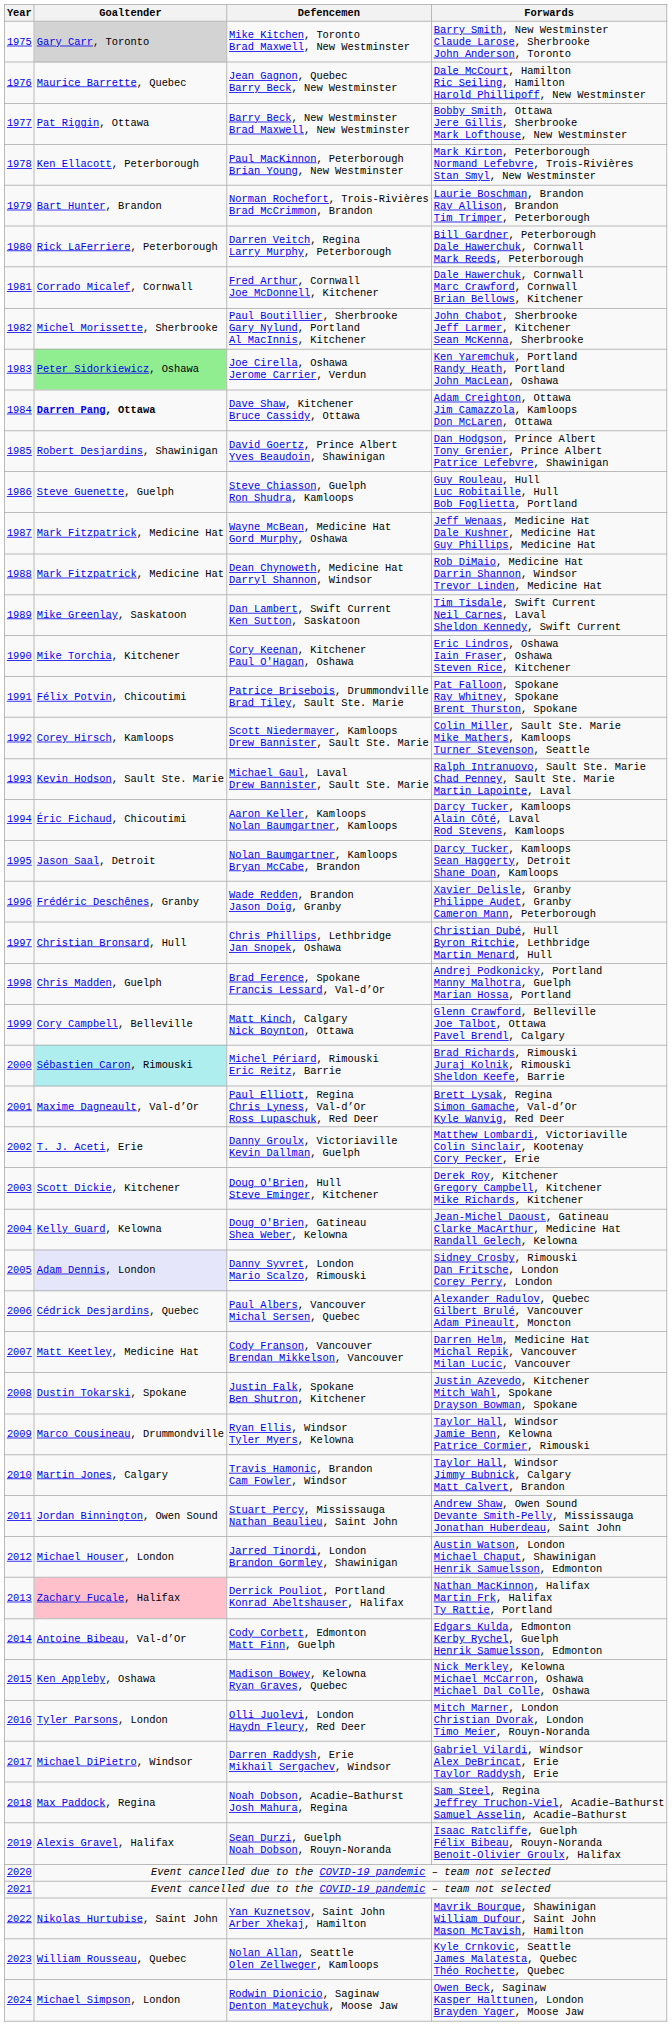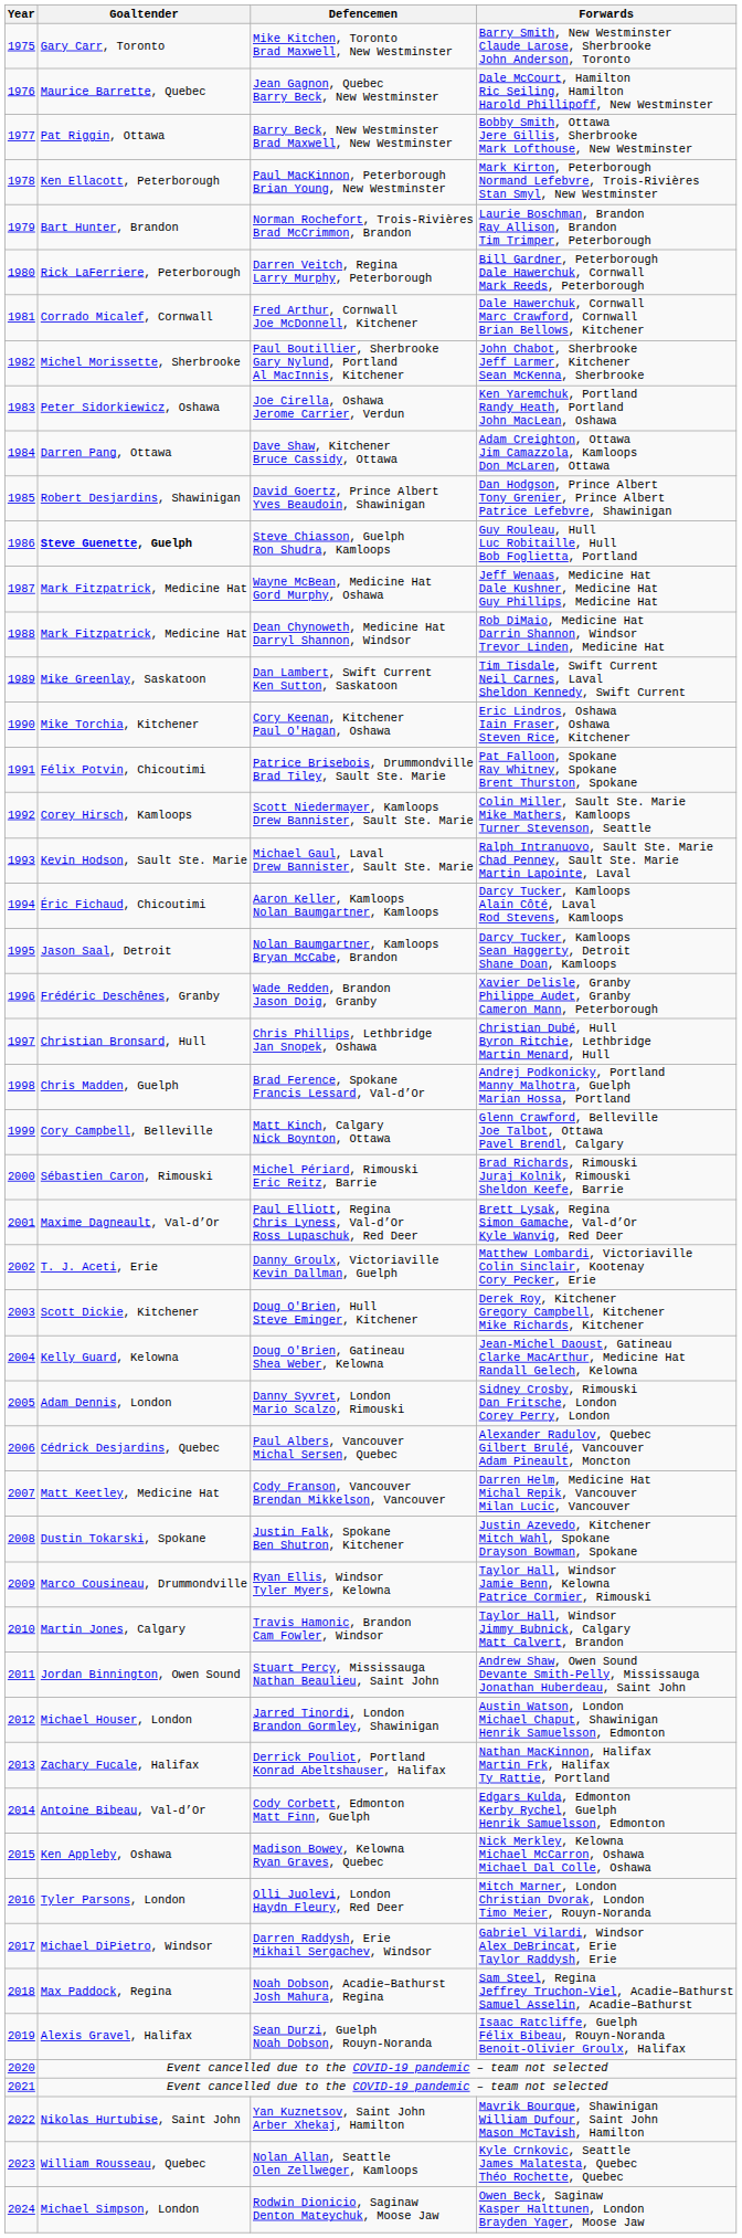 <table class="wikitable">
 <tr>
 <th>Year</th>
 <th>Goaltender</th>
 <th>Defencemen</th>
 <th>Forwards</th>
 </tr>
 <tr>
 <td><a href='#'>1975</a></td>
-<td style="background: lightgrey;"><a href='#'>Gary Carr</a>, Toronto</td>
+<td><a href='#'>Gary Carr</a>, Toronto</td>
 <td><a href='#'>Mike Kitchen</a>, Toronto<br><a href='#'>Brad Maxwell</a>, New Westminster</td>
 <td><a href='#'>Barry Smith</a>, New Westminster<br><a href='#'>Claude Larose</a>, Sherbrooke<br><a href='#'>John Anderson</a>, Toronto</td>
 </tr>
 <tr>
 <td><a href='#'>1976</a></td>
 <td><a href='#'>Maurice Barrette</a>, Quebec</td>
 <td><a href='#'>Jean Gagnon</a>, Quebec<br><a href='#'>Barry Beck</a>, New Westminster</td>
 <td><a href='#'>Dale McCourt</a>, Hamilton<br><a href='#'>Ric Seiling</a>, Hamilton<br><a href='#'>Harold Phillipoff</a>, New Westminster</td>
 </tr>
 <tr>
 <td><a href='#'>1977</a></td>
 <td><a href='#'>Pat Riggin</a>, Ottawa</td>
 <td><a href='#'>Barry Beck</a>, New Westminster<br><a href='#'>Brad Maxwell</a>, New Westminster</td>
 <td><a href='#'>Bobby Smith</a>, Ottawa<br><a href='#'>Jere Gillis</a>, Sherbrooke<br><a href='#'>Mark Lofthouse</a>, New Westminster</td>
 </tr>
 <tr>
 <td><a href='#'>1978</a></td>
 <td><a href='#'>Ken Ellacott</a>, Peterborough</td>
 <td><a href='#'>Paul MacKinnon</a>, Peterborough<br><a href='#'>Brian Young</a>, New Westminster</td>
 <td><a href='#'>Mark Kirton</a>, Peterborough<br><a href='#'>Normand Lefebvre</a>, Trois-Rivières<br><a href='#'>Stan Smyl</a>, New Westminster</td>
 </tr>
 <tr>
 <td><a href='#'>1979</a></td>
 <td><a href='#'>Bart Hunter</a>, Brandon</td>
 <td><a href='#'>Norman Rochefort</a>, Trois-Rivières<br><a href='#'>Brad McCrimmon</a>, Brandon</td>
 <td><a href='#'>Laurie Boschman</a>, Brandon<br><a href='#'>Ray Allison</a>, Brandon<br><a href='#'>Tim Trimper</a>, Peterborough</td>
 </tr>
 <tr>
 <td><a href='#'>1980</a></td>
 <td><a href='#'>Rick LaFerriere</a>, Peterborough</td>
 <td><a href='#'>Darren Veitch</a>, Regina<br><a href='#'>Larry Murphy</a>, Peterborough</td>
 <td><a href='#'>Bill Gardner</a>, Peterborough<br><a href='#'>Dale Hawerchuk</a>, Cornwall<br><a href='#'>Mark Reeds</a>, Peterborough</td>
 </tr>
 <tr>
 <td><a href='#'>1981</a></td>
 <td><a href='#'>Corrado Micalef</a>, Cornwall</td>
 <td><a href='#'>Fred Arthur</a>, Cornwall<br><a href='#'>Joe McDonnell</a>, Kitchener</td>
 <td><a href='#'>Dale Hawerchuk</a>, Cornwall<br><a href='#'>Marc Crawford</a>, Cornwall<br><a href='#'>Brian Bellows</a>, Kitchener</td>
 </tr>
 <tr>
 <td><a href='#'>1982</a></td>
 <td><a href='#'>Michel Morissette</a>, Sherbrooke</td>
 <td><a href='#'>Paul Boutillier</a>, Sherbrooke<br><a href='#'>Gary Nylund</a>, Portland<br><a href='#'>Al MacInnis</a>, Kitchener</td>
 <td><a href='#'>John Chabot</a>, Sherbrooke<br><a href='#'>Jeff Larmer</a>, Kitchener<br><a href='#'>Sean McKenna</a>, Sherbrooke</td>
 </tr>
 <tr>
 <td><a href='#'>1983</a></td>
-<td style="background: lightgreen;"><a href='#'>Peter Sidorkiewicz</a>, Oshawa</td>
+<td><a href='#'>Peter Sidorkiewicz</a>, Oshawa</td>
 <td><a href='#'>Joe Cirella</a>, Oshawa<br><a href='#'>Jerome Carrier</a>, Verdun</td>
 <td><a href='#'>Ken Yaremchuk</a>, Portland<br><a href='#'>Randy Heath</a>, Portland<br><a href='#'>John MacLean</a>, Oshawa</td>
 </tr>
 <tr>
 <td><a href='#'>1984</a></td>
-<td><strong><a href='#'>Darren Pang</a>, Ottawa</strong></td>
+<td><a href='#'>Darren Pang</a>, Ottawa</td>
 <td><a href='#'>Dave Shaw</a>, Kitchener<br><a href='#'>Bruce Cassidy</a>, Ottawa</td>
 <td><a href='#'>Adam Creighton</a>, Ottawa<br><a href='#'>Jim Camazzola</a>, Kamloops<br><a href='#'>Don McLaren</a>, Ottawa</td>
 </tr>
 <tr>
 <td><a href='#'>1985</a></td>
 <td><a href='#'>Robert Desjardins</a>, Shawinigan</td>
 <td><a href='#'>David Goertz</a>, Prince Albert<br><a href='#'>Yves Beaudoin</a>, Shawinigan</td>
 <td><a href='#'>Dan Hodgson</a>, Prince Albert<br><a href='#'>Tony Grenier</a>, Prince Albert<br><a href='#'>Patrice Lefebvre</a>, Shawinigan</td>
 </tr>
 <tr>
 <td><a href='#'>1986</a></td>
-<td><a href='#'>Steve Guenette</a>, Guelph</td>
+<td><strong><a href='#'>Steve Guenette</a>, Guelph</strong></td>
 <td><a href='#'>Steve Chiasson</a>, Guelph<br><a href='#'>Ron Shudra</a>, Kamloops</td>
 <td><a href='#'>Guy Rouleau</a>, Hull<br><a href='#'>Luc Robitaille</a>, Hull<br><a href='#'>Bob Foglietta</a>, Portland</td>
 </tr>
 <tr>
 <td><a href='#'>1987</a></td>
 <td><a href='#'>Mark Fitzpatrick</a>, Medicine Hat</td>
 <td><a href='#'>Wayne McBean</a>, Medicine Hat<br><a href='#'>Gord Murphy</a>, Oshawa</td>
 <td><a href='#'>Jeff Wenaas</a>, Medicine Hat<br><a href='#'>Dale Kushner</a>, Medicine Hat<br><a href='#'>Guy Phillips</a>, Medicine Hat</td>
 </tr>
 <tr>
 <td><a href='#'>1988</a></td>
 <td><a href='#'>Mark Fitzpatrick</a>, Medicine Hat</td>
 <td><a href='#'>Dean Chynoweth</a>, Medicine Hat<br><a href='#'>Darryl Shannon</a>, Windsor</td>
 <td><a href='#'>Rob DiMaio</a>, Medicine Hat<br><a href='#'>Darrin Shannon</a>, Windsor<br><a href='#'>Trevor Linden</a>, Medicine Hat</td>
 </tr>
 <tr>
 <td><a href='#'>1989</a></td>
 <td><a href='#'>Mike Greenlay</a>, Saskatoon</td>
 <td><a href='#'>Dan Lambert</a>, Swift Current<br><a href='#'>Ken Sutton</a>, Saskatoon</td>
 <td><a href='#'>Tim Tisdale</a>, Swift Current<br><a href='#'>Neil Carnes</a>, Laval<br><a href='#'>Sheldon Kennedy</a>, Swift Current</td>
 </tr>
 <tr>
 <td><a href='#'>1990</a></td>
 <td><a href='#'>Mike Torchia</a>, Kitchener</td>
 <td><a href='#'>Cory Keenan</a>, Kitchener<br><a href='#'>Paul O'Hagan</a>, Oshawa</td>
 <td><a href='#'>Eric Lindros</a>, Oshawa<br><a href='#'>Iain Fraser</a>, Oshawa<br><a href='#'>Steven Rice</a>, Kitchener</td>
 </tr>
 <tr>
 <td><a href='#'>1991</a></td>
 <td><a href='#'>Félix Potvin</a>, Chicoutimi</td>
 <td><a href='#'>Patrice Brisebois</a>, Drummondville<br><a href='#'>Brad Tiley</a>, Sault Ste. Marie</td>
 <td><a href='#'>Pat Falloon</a>, Spokane<br><a href='#'>Ray Whitney</a>, Spokane<br><a href='#'>Brent Thurston</a>, Spokane</td>
 </tr>
 <tr>
 <td><a href='#'>1992</a></td>
 <td><a href='#'>Corey Hirsch</a>, Kamloops</td>
 <td><a href='#'>Scott Niedermayer</a>, Kamloops<br><a href='#'>Drew Bannister</a>, Sault Ste. Marie</td>
 <td><a href='#'>Colin Miller</a>, Sault Ste. Marie<br><a href='#'>Mike Mathers</a>, Kamloops<br><a href='#'>Turner Stevenson</a>, Seattle</td>
 </tr>
 <tr>
 <td><a href='#'>1993</a></td>
 <td><a href='#'>Kevin Hodson</a>, Sault Ste. Marie</td>
 <td><a href='#'>Michael Gaul</a>, Laval<br><a href='#'>Drew Bannister</a>, Sault Ste. Marie</td>
 <td><a href='#'>Ralph Intranuovo</a>, Sault Ste. Marie<br><a href='#'>Chad Penney</a>, Sault Ste. Marie<br><a href='#'>Martin Lapointe</a>, Laval</td>
 </tr>
 <tr>
 <td><a href='#'>1994</a></td>
 <td><a href='#'>Éric Fichaud</a>, Chicoutimi</td>
 <td><a href='#'>Aaron Keller</a>, Kamloops<br><a href='#'>Nolan Baumgartner</a>, Kamloops</td>
 <td><a href='#'>Darcy Tucker</a>, Kamloops<br><a href='#'>Alain Côté</a>, Laval<br><a href='#'>Rod Stevens</a>, Kamloops</td>
 </tr>
 <tr>
 <td><a href='#'>1995</a></td>
 <td><a href='#'>Jason Saal</a>, Detroit</td>
 <td><a href='#'>Nolan Baumgartner</a>, Kamloops<br><a href='#'>Bryan McCabe</a>, Brandon</td>
 <td><a href='#'>Darcy Tucker</a>, Kamloops<br><a href='#'>Sean Haggerty</a>, Detroit<br><a href='#'>Shane Doan</a>, Kamloops</td>
 </tr>
 <tr>
 <td><a href='#'>1996</a></td>
 <td><a href='#'>Frédéric Deschênes</a>, Granby</td>
 <td><a href='#'>Wade Redden</a>, Brandon<br><a href='#'>Jason Doig</a>, Granby</td>
 <td><a href='#'>Xavier Delisle</a>, Granby<br><a href='#'>Philippe Audet</a>, Granby<br><a href='#'>Cameron Mann</a>, Peterborough</td>
 </tr>
 <tr>
 <td><a href='#'>1997</a></td>
 <td><a href='#'>Christian Bronsard</a>, Hull</td>
 <td><a href='#'>Chris Phillips</a>, Lethbridge<br><a href='#'>Jan Snopek</a>, Oshawa</td>
 <td><a href='#'>Christian Dubé</a>, Hull<br><a href='#'>Byron Ritchie</a>, Lethbridge<br><a href='#'>Martin Menard</a>, Hull</td>
 </tr>
 <tr>
 <td><a href='#'>1998</a></td>
 <td><a href='#'>Chris Madden</a>, Guelph</td>
 <td><a href='#'>Brad Ference</a>, Spokane<br><a href='#'>Francis Lessard</a>, Val-d’Or</td>
 <td><a href='#'>Andrej Podkonicky</a>, Portland<br><a href='#'>Manny Malhotra</a>, Guelph<br><a href='#'>Marian Hossa</a>, Portland</td>
 </tr>
 <tr>
 <td><a href='#'>1999</a></td>
 <td><a href='#'>Cory Campbell</a>, Belleville</td>
 <td><a href='#'>Matt Kinch</a>, Calgary<br><a href='#'>Nick Boynton</a>, Ottawa</td>
 <td><a href='#'>Glenn Crawford</a>, Belleville<br><a href='#'>Joe Talbot</a>, Ottawa<br><a href='#'>Pavel Brendl</a>, Calgary</td>
 </tr>
 <tr>
 <td><a href='#'>2000</a></td>
-<td style="background: paleturquoise;"><a href='#'>Sébastien Caron</a>, Rimouski</td>
+<td><a href='#'>Sébastien Caron</a>, Rimouski</td>
 <td><a href='#'>Michel Périard</a>, Rimouski<br><a href='#'>Eric Reitz</a>, Barrie</td>
 <td><a href='#'>Brad Richards</a>, Rimouski<br><a href='#'>Juraj Kolnik</a>, Rimouski<br><a href='#'>Sheldon Keefe</a>, Barrie</td>
 </tr>
 <tr>
 <td><a href='#'>2001</a></td>
 <td><a href='#'>Maxime Dagneault</a>, Val-d’Or</td>
 <td><a href='#'>Paul Elliott</a>, Regina<br><a href='#'>Chris Lyness</a>, Val-d’Or<br><a href='#'>Ross Lupaschuk</a>, Red Deer</td>
 <td><a href='#'>Brett Lysak</a>, Regina<br><a href='#'>Simon Gamache</a>, Val-d’Or<br><a href='#'>Kyle Wanvig</a>, Red Deer</td>
 </tr>
 <tr>
 <td><a href='#'>2002</a></td>
 <td><a href='#'>T. J. Aceti</a>, Erie</td>
 <td><a href='#'>Danny Groulx</a>, Victoriaville<br><a href='#'>Kevin Dallman</a>, Guelph</td>
 <td><a href='#'>Matthew Lombardi</a>, Victoriaville<br><a href='#'>Colin Sinclair</a>, Kootenay<br><a href='#'>Cory Pecker</a>, Erie</td>
 </tr>
 <tr>
 <td><a href='#'>2003</a></td>
 <td><a href='#'>Scott Dickie</a>, Kitchener</td>
 <td><a href='#'>Doug O'Brien</a>, Hull<br><a href='#'>Steve Eminger</a>, Kitchener</td>
 <td><a href='#'>Derek Roy</a>, Kitchener<br><a href='#'>Gregory Campbell</a>, Kitchener<br><a href='#'>Mike Richards</a>, Kitchener</td>
 </tr>
 <tr>
 <td><a href='#'>2004</a></td>
 <td><a href='#'>Kelly Guard</a>, Kelowna</td>
 <td><a href='#'>Doug O'Brien</a>, Gatineau<br><a href='#'>Shea Weber</a>, Kelowna</td>
 <td><a href='#'>Jean-Michel Daoust</a>, Gatineau<br><a href='#'>Clarke MacArthur</a>, Medicine Hat<br><a href='#'>Randall Gelech</a>, Kelowna</td>
 </tr>
 <tr>
 <td><a href='#'>2005</a></td>
-<td style="background: lavender;"><a href='#'>Adam Dennis</a>, London</td>
+<td><a href='#'>Adam Dennis</a>, London</td>
 <td><a href='#'>Danny Syvret</a>, London<br><a href='#'>Mario Scalzo</a>, Rimouski</td>
 <td><a href='#'>Sidney Crosby</a>, Rimouski<br><a href='#'>Dan Fritsche</a>, London<br><a href='#'>Corey Perry</a>, London</td>
 </tr>
 <tr>
 <td><a href='#'>2006</a></td>
 <td><a href='#'>Cédrick Desjardins</a>, Quebec</td>
 <td><a href='#'>Paul Albers</a>, Vancouver<br><a href='#'>Michal Sersen</a>, Quebec</td>
 <td><a href='#'>Alexander Radulov</a>, Quebec<br><a href='#'>Gilbert Brulé</a>, Vancouver<br><a href='#'>Adam Pineault</a>, Moncton</td>
 </tr>
 <tr>
 <td><a href='#'>2007</a></td>
 <td><a href='#'>Matt Keetley</a>, Medicine Hat</td>
 <td><a href='#'>Cody Franson</a>, Vancouver<br><a href='#'>Brendan Mikkelson</a>, Vancouver</td>
 <td><a href='#'>Darren Helm</a>, Medicine Hat<br><a href='#'>Michal Repik</a>, Vancouver<br><a href='#'>Milan Lucic</a>, Vancouver</td>
 </tr>
 <tr>
 <td><a href='#'>2008</a></td>
 <td><a href='#'>Dustin Tokarski</a>, Spokane</td>
 <td><a href='#'>Justin Falk</a>, Spokane<br><a href='#'>Ben Shutron</a>, Kitchener</td>
 <td><a href='#'>Justin Azevedo</a>, Kitchener<br><a href='#'>Mitch Wahl</a>, Spokane<br><a href='#'>Drayson Bowman</a>, Spokane</td>
 </tr>
 <tr>
 <td><a href='#'>2009</a></td>
 <td><a href='#'>Marco Cousineau</a>, Drummondville</td>
 <td><a href='#'>Ryan Ellis</a>, Windsor<br><a href='#'>Tyler Myers</a>, Kelowna</td>
 <td><a href='#'>Taylor Hall</a>, Windsor<br><a href='#'>Jamie Benn</a>, Kelowna<br><a href='#'>Patrice Cormier</a>, Rimouski</td>
 </tr>
 <tr>
 <td><a href='#'>2010</a></td>
 <td><a href='#'>Martin Jones</a>, Calgary</td>
 <td><a href='#'>Travis Hamonic</a>, Brandon<br><a href='#'>Cam Fowler</a>, Windsor</td>
 <td><a href='#'>Taylor Hall</a>, Windsor<br><a href='#'>Jimmy Bubnick</a>, Calgary<br><a href='#'>Matt Calvert</a>, Brandon</td>
 </tr>
 <tr>
 <td><a href='#'>2011</a></td>
 <td><a href='#'>Jordan Binnington</a>, Owen Sound</td>
 <td><a href='#'>Stuart Percy</a>, Mississauga<br><a href='#'>Nathan Beaulieu</a>, Saint John</td>
 <td><a href='#'>Andrew Shaw</a>, Owen Sound<br><a href='#'>Devante Smith-Pelly</a>, Mississauga<br><a href='#'>Jonathan Huberdeau</a>, Saint John</td>
 </tr>
 <tr>
 <td><a href='#'>2012</a></td>
 <td><a href='#'>Michael Houser</a>, London</td>
 <td><a href='#'>Jarred Tinordi</a>, London<br><a href='#'>Brandon Gormley</a>, Shawinigan</td>
 <td><a href='#'>Austin Watson</a>, London<br><a href='#'>Michael Chaput</a>, Shawinigan<br><a href='#'>Henrik Samuelsson</a>, Edmonton</td>
 </tr>
 <tr>
 <td><a href='#'>2013</a></td>
-<td style="background: pink;"><a href='#'>Zachary Fucale</a>, Halifax</td>
+<td><a href='#'>Zachary Fucale</a>, Halifax</td>
 <td><a href='#'>Derrick Pouliot</a>, Portland<br><a href='#'>Konrad Abeltshauser</a>, Halifax</td>
 <td><a href='#'>Nathan MacKinnon</a>, Halifax<br><a href='#'>Martin Frk</a>, Halifax<br><a href='#'>Ty Rattie</a>, Portland</td>
 </tr>
 <tr>
 <td><a href='#'>2014</a></td>
 <td><a href='#'>Antoine Bibeau</a>, Val-d’Or</td>
 <td><a href='#'>Cody Corbett</a>, Edmonton<br><a href='#'>Matt Finn</a>, Guelph</td>
 <td><a href='#'>Edgars Kulda</a>, Edmonton<br><a href='#'>Kerby Rychel</a>, Guelph<br><a href='#'>Henrik Samuelsson</a>, Edmonton</td>
 </tr>
 <tr>
 <td><a href='#'>2015</a></td>
 <td><a href='#'>Ken Appleby</a>, Oshawa</td>
 <td><a href='#'>Madison Bowey</a>, Kelowna<br><a href='#'>Ryan Graves</a>, Quebec</td>
 <td><a href='#'>Nick Merkley</a>, Kelowna<br><a href='#'>Michael McCarron</a>, Oshawa<br><a href='#'>Michael Dal Colle</a>, Oshawa</td>
 </tr>
 <tr>
 <td><a href='#'>2016</a></td>
 <td><a href='#'>Tyler Parsons</a>, London</td>
 <td><a href='#'>Olli Juolevi</a>, London<br><a href='#'>Haydn Fleury</a>, Red Deer</td>
 <td><a href='#'>Mitch Marner</a>, London<br><a href='#'>Christian Dvorak</a>, London<br><a href='#'>Timo Meier</a>, Rouyn-Noranda</td>
 </tr>
 <tr>
 <td><a href='#'>2017</a></td>
 <td><a href='#'>Michael DiPietro</a>, Windsor</td>
 <td><a href='#'>Darren Raddysh</a>, Erie<br><a href='#'>Mikhail Sergachev</a>, Windsor</td>
 <td><a href='#'>Gabriel Vilardi</a>, Windsor<br><a href='#'>Alex DeBrincat</a>, Erie<br><a href='#'>Taylor Raddysh</a>, Erie</td>
 </tr>
 <tr>
 <td><a href='#'>2018</a></td>
 <td><a href='#'>Max Paddock</a>, Regina</td>
 <td><a href='#'>Noah Dobson</a>, Acadie–Bathurst<br><a href='#'>Josh Mahura</a>, Regina</td>
 <td><a href='#'>Sam Steel</a>, Regina<br><a href='#'>Jeffrey Truchon-Viel</a>, Acadie–Bathurst<br><a href='#'>Samuel Asselin</a>, Acadie–Bathurst</td>
 </tr>
 <tr>
 <td><a href='#'>2019</a></td>
 <td><a href='#'>Alexis Gravel</a>, Halifax</td>
 <td><a href='#'>Sean Durzi</a>, Guelph<br><a href='#'>Noah Dobson</a>, Rouyn-Noranda</td>
 <td><a href='#'>Isaac Ratcliffe</a>, Guelph<br><a href='#'>Félix Bibeau</a>, Rouyn-Noranda<br><a href='#'>Benoit-Olivier Groulx</a>, Halifax</td>
 </tr>
 <tr>
 <td><a href='#'>2020</a></td>
 <td colspan="3" align="center"><em>Event cancelled due to the <a href='#'>COVID-19 pandemic</a> – team not selected</em></td>
 </tr>
 <tr>
 <td><a href='#'>2021</a></td>
 <td colspan="3" align="center"><em>Event cancelled due to the <a href='#'>COVID-19 pandemic</a> – team not selected</em></td>
 </tr>
 <tr>
 <td><a href='#'>2022</a></td>
 <td><a href='#'>Nikolas Hurtubise</a>, Saint John</td>
 <td><a href='#'>Yan Kuznetsov</a>, Saint John<br><a href='#'>Arber Xhekaj</a>, Hamilton</td>
 <td><a href='#'>Mavrik Bourque</a>, Shawinigan<br><a href='#'>William Dufour</a>, Saint John<br><a href='#'>Mason McTavish</a>, Hamilton</td>
 </tr>
 <tr>
 <td><a href='#'>2023</a></td>
 <td><a href='#'>William Rousseau</a>, Quebec</td>
 <td><a href='#'>Nolan Allan</a>, Seattle<br><a href='#'>Olen Zellweger</a>, Kamloops</td>
 <td><a href='#'>Kyle Crnkovic</a>, Seattle<br><a href='#'>James Malatesta</a>, Quebec<br><a href='#'>Théo Rochette</a>, Quebec</td>
 </tr>
 <tr>
 <td><a href='#'>2024</a></td>
 <td><a href='#'>Michael Simpson</a>, London</td>
 <td><a href='#'>Rodwin Dionicio</a>, Saginaw<br><a href='#'>Denton Mateychuk</a>, Moose Jaw</td>
 <td><a href='#'>Owen Beck</a>, Saginaw<br><a href='#'>Kasper Halttunen</a>, London<br><a href='#'>Brayden Yager</a>, Moose Jaw</td>
 </tr>
 </table>
